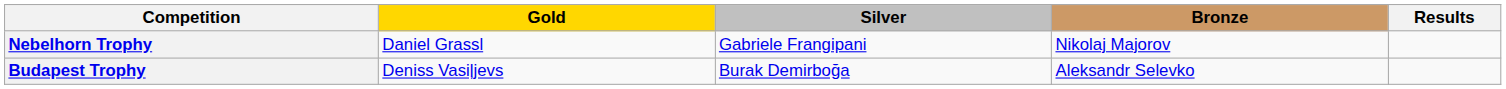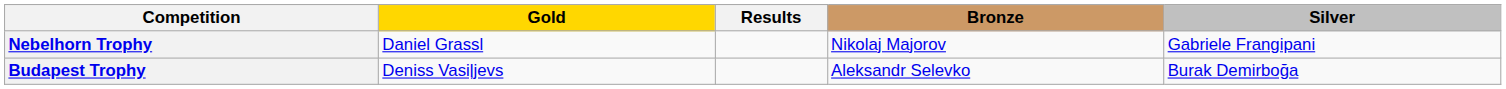 <table class="wikitable unsortable" style="text-align:left; width:90%;">
 <tr>
 <th scope="col" style="text-align:center; width:25%;">Competition</th>
 <td scope="col" style="text-align:center; width:22.5%; background:gold"><strong>Gold</strong></td>
+<th scope="col" style="text-align:center; width:7.5%;">Results</th>
+<td scope="col" style="text-align:center; width:22.5%; background:#c96"><strong>Bronze</strong></td>
 <td scope="col" style="text-align:center; width:22.5%; background:silver"><strong>Silver</strong></td>
-<td scope="col" style="text-align:center; width:22.5%; background:#c96"><strong>Bronze</strong></td>
-<th scope="col" style="text-align:center; width:7.5%;">Results</th>
 </tr>
 <tr>
 <th scope="row" style="text-align:left"> <a href='#'>Nebelhorn Trophy</a></th>
 <td> <a href='#'>Daniel Grassl</a></td>
+<td></td>
+<td> <a href='#'>Nikolaj Majorov</a></td>
 <td> <a href='#'>Gabriele Frangipani</a></td>
-<td> <a href='#'>Nikolaj Majorov</a></td>
-<td></td>
 </tr>
 <tr>
 <th scope="row" style="text-align:left"> <a href='#'>Budapest Trophy</a></th>
 <td> <a href='#'>Deniss Vasiļjevs</a></td>
+<td></td>
+<td> <a href='#'>Aleksandr Selevko</a></td>
 <td> <a href='#'>Burak Demirboğa</a></td>
-<td> <a href='#'>Aleksandr Selevko</a></td>
-<td></td>
 </tr>
 </table>
